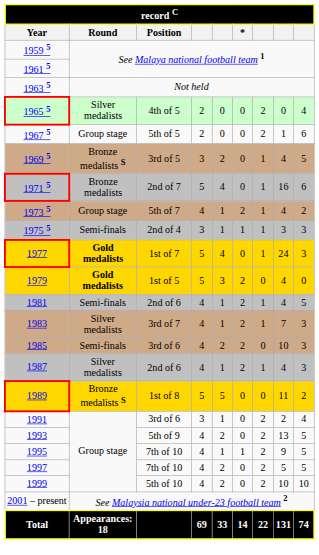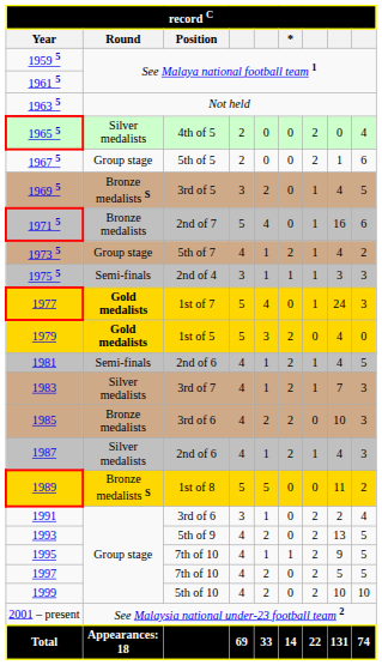 <table class="wikitable" style="text-align:center;font-size:100%;">
 <tr>
 <th colspan=9 style="background: #000000; color: #FFFFFF; border:2px solid #FFFF00;"><a href='#'></a> record <strong><sup>C</sup></strong></th>
 </tr>
 <tr>
 <th>Year</th>
 <th width=100>Round</th>
 <th width=80>Position</th>
 <th width=25></th>
 <th width=25></th>
 <th width=25>*</th>
 <th width=25></th>
 <th width=25></th>
 <th width=25></th>
 </tr>
 <tr>
 <td> <a href='#'>1959 <strong><sup>5</sup></strong></a></td>
 <td rowspan="2" colspan="8"><em>See <a href='#'>Malaya national football team</a></em> <strong><sup>1</sup></strong></td>
 </tr>
 <tr>
 <td> <a href='#'>1961 <strong><sup>5</sup></strong></a></td>
 </tr>
 <tr>
 <td> <a href='#'>1963 <strong><sup>5</sup></strong></a></td>
 <td colspan="8"><em>Not held</em></td>
 </tr>
 <tr bgcolor=#ccffcc>
 <td style="border: 3px solid red"> <a href='#'>1965 <strong><sup>5</sup></strong></a></td>
 <td>Silver medalists</td>
 <td>4th of 5</td>
 <td>2</td>
 <td>0</td>
 <td>0</td>
 <td>2</td>
 <td>0</td>
 <td>4</td>
 </tr>
 <tr>
 <td> <a href='#'>1967 <strong><sup>5</sup></strong></a></td>
 <td>Group stage</td>
 <td>5th of 5</td>
 <td>2</td>
 <td>0</td>
 <td>0</td>
 <td>2</td>
 <td>1</td>
 <td>6</td>
 </tr>
 <tr style="background:#cfaa88;">
 <td> <a href='#'>1969 <strong><sup>5</sup></strong></a></td>
 <td>Bronze medalists <strong><sup>S</sup></strong></td>
 <td>3rd of 5</td>
 <td>3</td>
 <td>2</td>
 <td>0</td>
 <td>1</td>
 <td>4</td>
 <td>5</td>
 </tr>
 <tr style="background:Silver;">
 <td style="border: 3px solid red"> <a href='#'>1971 <strong><sup>5</sup></strong></a></td>
 <td>Bronze medalists</td>
 <td>2nd of 7</td>
 <td>5</td>
 <td>4</td>
 <td>0</td>
 <td>1</td>
 <td>16</td>
 <td>6</td>
 </tr>
 <tr style="background:#cfaa88;">
 <td> <a href='#'>1973 <strong><sup>5</sup></strong></a></td>
 <td>Group stage</td>
 <td>5th of 7</td>
 <td>4</td>
 <td>1</td>
 <td>2</td>
 <td>1</td>
 <td>4</td>
 <td>2</td>
 </tr>
 <tr style="background:Silver;">
 <td> <a href='#'>1975 <strong><sup>5</sup></strong></a></td>
 <td>Semi-finals</td>
 <td>2nd of 4</td>
 <td>3</td>
 <td>1</td>
 <td>1</td>
 <td>1</td>
 <td>3</td>
 <td>3</td>
 </tr>
 <tr style="background:Gold;">
 <td style="border: 3px solid red"> <a href='#'>1977</a></td>
 <td><strong>Gold medalists</strong></td>
 <td>1st of 7</td>
 <td>5</td>
 <td>4</td>
 <td>0</td>
 <td>1</td>
 <td>24</td>
 <td>3</td>
 </tr>
 <tr style="background:Gold;">
 <td> <a href='#'>1979</a></td>
 <td><strong>Gold medalists</strong></td>
 <td>1st of 5</td>
 <td>5</td>
 <td>3</td>
 <td>2</td>
 <td>0</td>
 <td>4</td>
 <td>0</td>
 </tr>
 <tr style="background:Silver;">
 <td> <a href='#'>1981</a></td>
 <td>Semi-finals</td>
 <td>2nd of 6</td>
 <td>4</td>
 <td>1</td>
 <td>2</td>
 <td>1</td>
 <td>4</td>
 <td>5</td>
 </tr>
 <tr style="background:#cfaa88;">
 <td> <a href='#'>1983</a></td>
 <td>Silver medalists</td>
 <td>3rd of 7</td>
 <td>4</td>
 <td>1</td>
 <td>2</td>
 <td>1</td>
 <td>7</td>
 <td>3</td>
 </tr>
 <tr style="background:#cfaa88;">
 <td> <a href='#'>1985</a></td>
-<td>Semi-finals</td>
+<td>Bronze medalists</td>
 <td>3rd of 6</td>
 <td>4</td>
 <td>2</td>
 <td>2</td>
 <td>0</td>
 <td>10</td>
 <td>3</td>
 </tr>
 <tr style="background:Silver;">
 <td> <a href='#'>1987</a></td>
 <td>Silver medalists</td>
 <td>2nd of 6</td>
 <td>4</td>
 <td>1</td>
 <td>2</td>
 <td>1</td>
 <td>4</td>
 <td>3</td>
 </tr>
 <tr style="background:Gold;">
 <td style="border: 3px solid red"> <a href='#'>1989</a></td>
 <td>Bronze medalists <strong><sup>S</sup></strong></td>
 <td>1st of 8</td>
 <td>5</td>
 <td>5</td>
 <td>0</td>
 <td>0</td>
 <td>11</td>
 <td>2</td>
 </tr>
 <tr>
 <td> <a href='#'>1991</a></td>
 <td rowspan="5">Group stage</td>
 <td>3rd of 6</td>
 <td>3</td>
 <td>1</td>
 <td>0</td>
 <td>2</td>
 <td>2</td>
 <td>4</td>
 </tr>
 <tr>
 <td> <a href='#'>1993</a></td>
 <td>5th of 9</td>
 <td>4</td>
 <td>2</td>
 <td>0</td>
 <td>2</td>
 <td>13</td>
 <td>5</td>
 </tr>
 <tr>
 <td> <a href='#'>1995</a></td>
 <td>7th of 10</td>
 <td>4</td>
 <td>1</td>
 <td>1</td>
 <td>2</td>
 <td>9</td>
 <td>5</td>
 </tr>
 <tr>
 <td> <a href='#'>1997</a></td>
 <td>7th of 10</td>
 <td>4</td>
 <td>2</td>
 <td>0</td>
 <td>2</td>
 <td>5</td>
 <td>5</td>
 </tr>
 <tr>
 <td> <a href='#'>1999</a></td>
 <td>5th of 10</td>
 <td>4</td>
 <td>2</td>
 <td>0</td>
 <td>2</td>
 <td>10</td>
 <td>10</td>
 </tr>
 <tr>
 <td> <a href='#'>2001</a> – present</td>
 <td colspan="8"><em>See <a href='#'>Malaysia national under-23 football team</a></em> <strong><sup>2</sup></strong></td>
 </tr>
 <tr style="background: #000000; color: #FFFFFF; border:2px solid #FFFF00;">
 <td><strong>Total</strong></td>
 <td><strong>Appearances: 18</strong></td>
 <td><strong></strong></td>
 <td><strong>69</strong></td>
 <td><strong>33</strong></td>
 <td><strong>14</strong></td>
 <td><strong>22</strong></td>
 <td><strong>131</strong></td>
 <td><strong>74</strong></td>
 </tr>
 </table>
